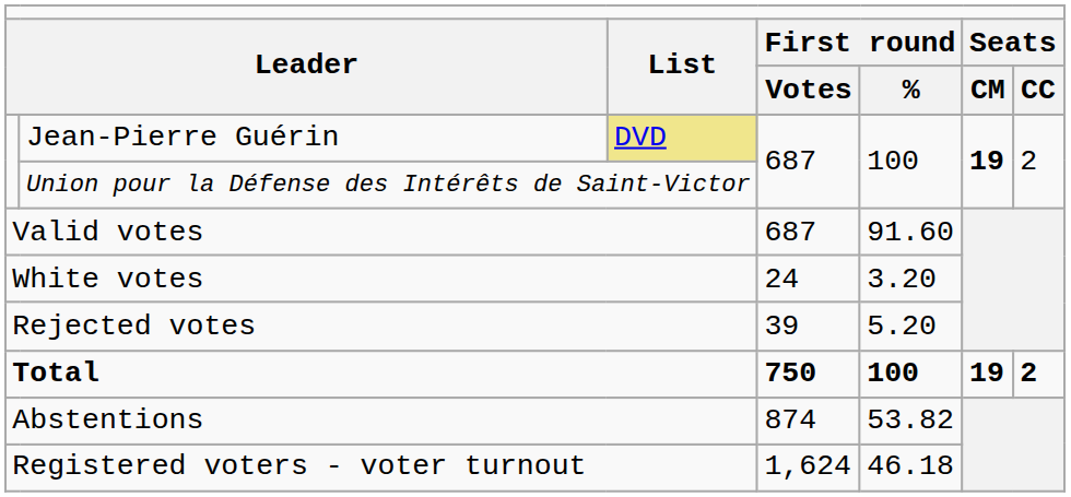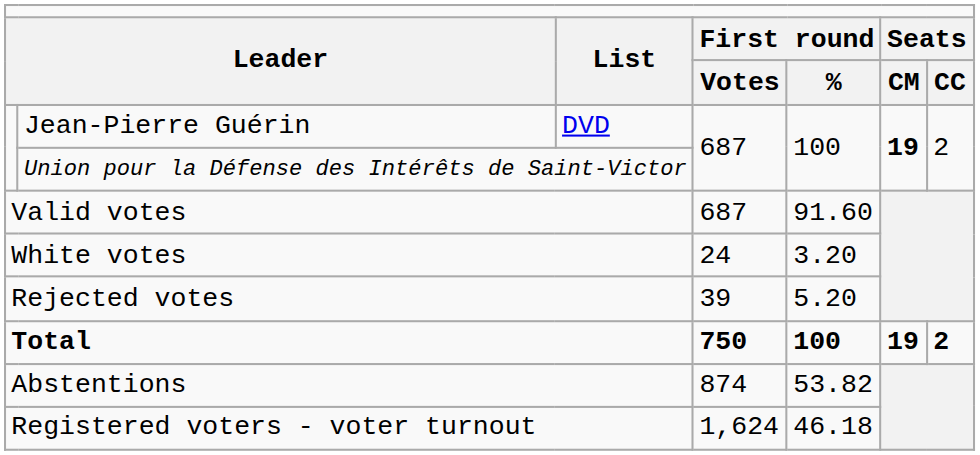 <table class="wikitable">
 <tr>
 <td colspan="7"></td>
 </tr>
 <tr>
 <th colspan="2" rowspan="2">Leader</th>
 <th rowspan="2">List</th>
 <th colspan="2">First round</th>
 <th colspan="2">Seats</th>
 </tr>
 <tr>
 <th>Votes</th>
 <th>%</th>
 <th>CM</th>
 <th>CC</th>
 </tr>
 <tr>
 <td rowspan="2"></td>
 <td>Jean-Pierre Guérin</td>
-<td style="background: khaki;"><a href='#'>DVD</a></td>
+<td><a href='#'>DVD</a></td>
 <td rowspan="2">687</td>
 <td rowspan="2">100</td>
 <td rowspan="2"><strong>19</strong></td>
 <td rowspan="2">2</td>
 </tr>
 <tr>
 <td colspan="2"><em><small>Union pour la Défense des Intérêts de Saint-Victor</small></em></td>
 </tr>
 <tr>
 <td colspan="3">Valid votes</td>
 <td>687</td>
 <td>91.60</td>
 <th colspan="2" rowspan="3"></th>
 </tr>
 <tr>
 <td colspan="3">White votes</td>
 <td>24</td>
 <td>3.20</td>
 </tr>
 <tr>
 <td colspan="3">Rejected votes</td>
 <td>39</td>
 <td>5.20</td>
 </tr>
 <tr>
 <td colspan="3"><strong>Total</strong></td>
 <td><strong>750</strong></td>
 <td><strong>100</strong></td>
 <td><strong>19</strong></td>
 <td><strong>2</strong></td>
 </tr>
 <tr>
 <td colspan="3">Abstentions</td>
 <td>874</td>
 <td>53.82</td>
 <th colspan="2" rowspan="2"></th>
 </tr>
 <tr>
 <td colspan="3">Registered voters - voter turnout</td>
 <td>1,624</td>
 <td>46.18</td>
 </tr>
 </table>
